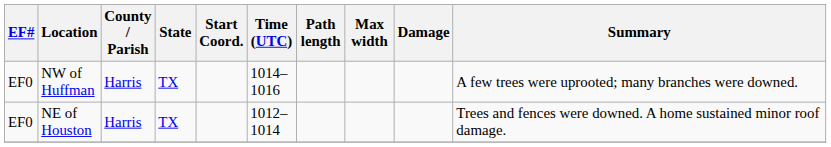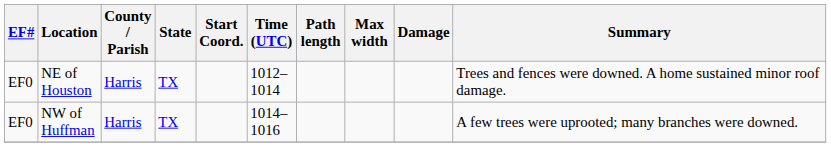 <table class="wikitable sortable" style="width:100%;">
 <tr>
 <th scope="col" width="3%" align="center"><a href='#'>EF#</a></th>
 <th scope="col" width="7%" align="center" class="unsortable">Location</th>
 <th scope="col" width="6%" align="center" class="unsortable">County / Parish</th>
 <th scope="col" width="5%" align="center">State</th>
 <th scope="col" width="6%" align="center">Start Coord.</th>
 <th scope="col" width="6%" align="center">Time (<a href='#'>UTC</a>)</th>
 <th scope="col" width="6%" align="center">Path length</th>
 <th scope="col" width="6%" align="center">Max width</th>
 <th scope="col" width="6%" align="center">Damage</th>
 <th scope="col" width="48%" class="unsortable" align="center">Summary</th>
 </tr>
 <tr>
 <td>EF0</td>
+<td>NE of <a href='#'>Houston</a></td>
+<td><a href='#'>Harris</a></td>
+<td><a href='#'>TX</a></td>
+<td></td>
+<td>1012–1014</td>
+<td></td>
+<td></td>
+<td></td>
+<td>Trees and fences were downed. A home sustained minor roof damage.</td>
+</tr>
+<tr>
+<td>EF0</td>
 <td>NW of <a href='#'>Huffman</a></td>
 <td><a href='#'>Harris</a></td>
 <td><a href='#'>TX</a></td>
 <td></td>
 <td>1014–1016</td>
 <td></td>
 <td></td>
 <td></td>
 <td>A few trees were uprooted; many branches were downed.</td>
 </tr>
 <tr>
-<td>EF0</td>
-<td>NE of <a href='#'>Houston</a></td>
-<td><a href='#'>Harris</a></td>
-<td><a href='#'>TX</a></td>
-<td></td>
-<td>1012–1014</td>
-<td></td>
-<td></td>
-<td></td>
-<td>Trees and fences were downed. A home sustained minor roof damage.</td>
-</tr>
-<tr>
 </tr>
 </table>
